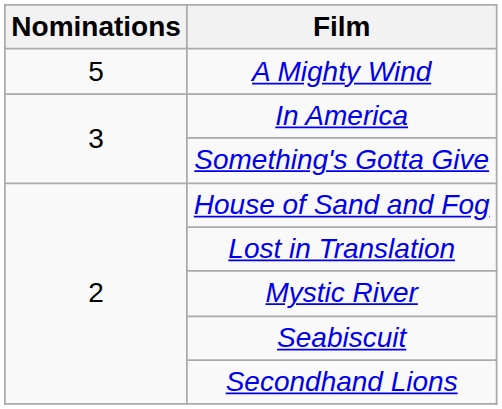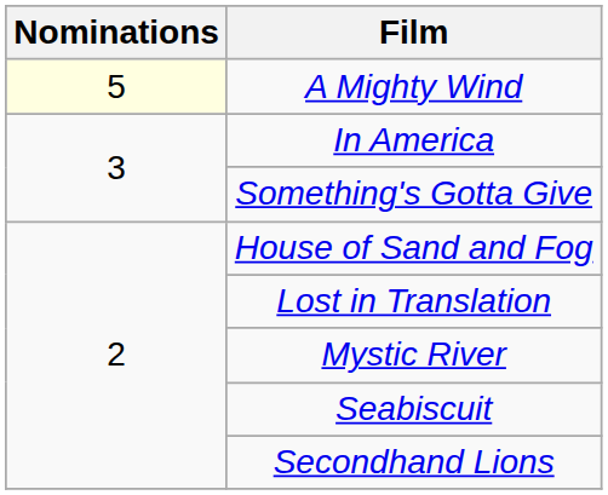 <table class="wikitable plainrowheaders" style="text-align:center;">
 <tr>
 <th scope="col" style="width:55px;">Nominations</th>
 <th scope="col" style="text-align:center;">Film</th>
 </tr>
 <tr>
-<td scope=row rowspan=1 style="text-align:center;">5</td>
+<td scope=row rowspan=1 style="background: lightyellow; text-align:center;">5</td>
 <td><em><a href='#'>A Mighty Wind</a></em></td>
 </tr>
 <tr>
 <td scope=row rowspan=2 style="text-align:center;">3</td>
 <td><em><a href='#'>In America</a></em></td>
 </tr>
 <tr>
 <td><em><a href='#'>Something's Gotta Give</a></em></td>
 </tr>
 <tr>
 <td scope=row rowspan=5 style="text-align:center;">2</td>
 <td><em><a href='#'>House of Sand and Fog</a></em></td>
 </tr>
 <tr>
 <td><em><a href='#'>Lost in Translation</a></em></td>
 </tr>
 <tr>
 <td><em><a href='#'>Mystic River</a></em></td>
 </tr>
 <tr>
 <td><em><a href='#'>Seabiscuit</a></em></td>
 </tr>
 <tr>
 <td><em><a href='#'>Secondhand Lions</a></em></td>
 </tr>
 </table>
